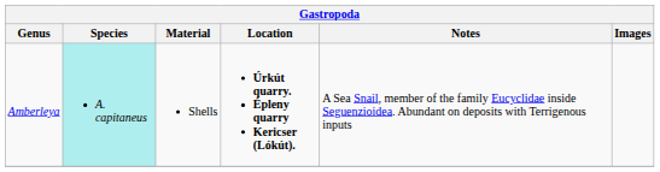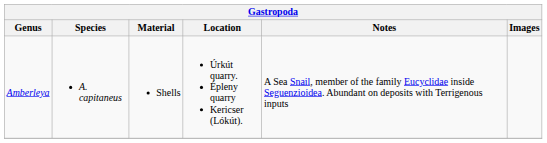 <table class="wikitable" align="center">
 <tr>
 <th colspan="6" align="center"><strong><a href='#'>Gastropoda</a></strong></th>
 </tr>
 <tr>
 <th>Genus</th>
 <th>Species</th>
 <th>Material</th>
 <th>Location</th>
 <th>Notes</th>
 <th>Images</th>
 </tr>
 <tr>
 <td><br><em><a href='#'>Amberleya</a></em></td>
-<td style="background: paleturquoise;"><br><ul><li><em>A. capitaneus</em></li></ul></td>
+<td><br><ul><li><em>A. capitaneus</em></li></ul></td>
 <td><br><ul><li>Shells</li></ul></td>
-<td><strong><br><ul><li>Úrkút quarry.</li><li>Épleny quarry</li><li>Kericser (Lókút).</li></ul></strong></td>
+<td><br><ul><li>Úrkút quarry.</li><li>Épleny quarry</li><li>Kericser (Lókút).</li></ul></td>
 <td><br>A Sea <a href='#'>Snail</a>, member of the family <a href='#'>Eucyclidae</a> inside <a href='#'>Seguenzioidea</a>. Abundant on deposits with Terrigenous inputs</td>
 <td></td>
 </tr>
 <tr>
 </tr>
 </table>
